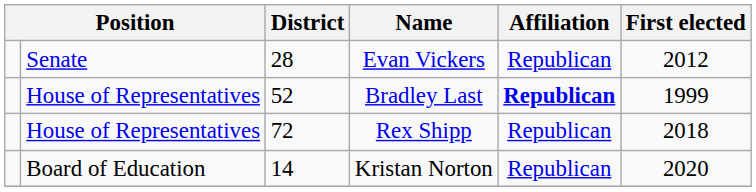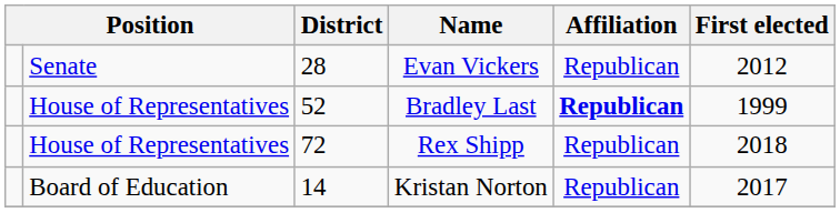 <table class="wikitable">
 <tr>
 <th colspan="2" style="text-align:center; vertical-align:bottom;">Position</th>
 <th>District</th>
 <th style="text-align:center;">Name</th>
 <th valign="bottom">Affiliation</th>
 <th style="vertical-align:bottom; text-align:center;">First elected</th>
 </tr>
 <tr>
 <td style="background-color:"> </td>
 <td><a href='#'>Senate</a></td>
 <td>28</td>
 <td style="text-align:center;"><a href='#'>Evan Vickers</a></td>
 <td style="text-align:center;"><a href='#'>Republican</a></td>
 <td style="text-align:center;">2012</td>
 </tr>
 <tr>
 <td style="background-color:"> </td>
 <td><a href='#'>House of Representatives</a></td>
 <td>52</td>
 <td style="text-align:center;"><a href='#'>Bradley Last</a></td>
 <td style="text-align:center;"><strong><a href='#'>Republican</a></strong></td>
 <td style="text-align:center;">1999</td>
 </tr>
 <tr>
 <td style="background-color:"> </td>
 <td><a href='#'>House of Representatives</a></td>
 <td>72</td>
 <td style="text-align:center;"><a href='#'>Rex Shipp</a></td>
 <td style="text-align:center;"><a href='#'>Republican</a></td>
 <td style="text-align:center;">2018</td>
 </tr>
 <tr>
 <td style="background-color:"> </td>
 <td>Board of Education</td>
 <td>14</td>
 <td style="text-align:center;">Kristan Norton</td>
 <td style="text-align:center;"><a href='#'>Republican</a></td>
-<td style="text-align:center;">2020</td>
+<td style="text-align:center;">2017</td>
 </tr>
 <tr>
 </tr>
 </table>
